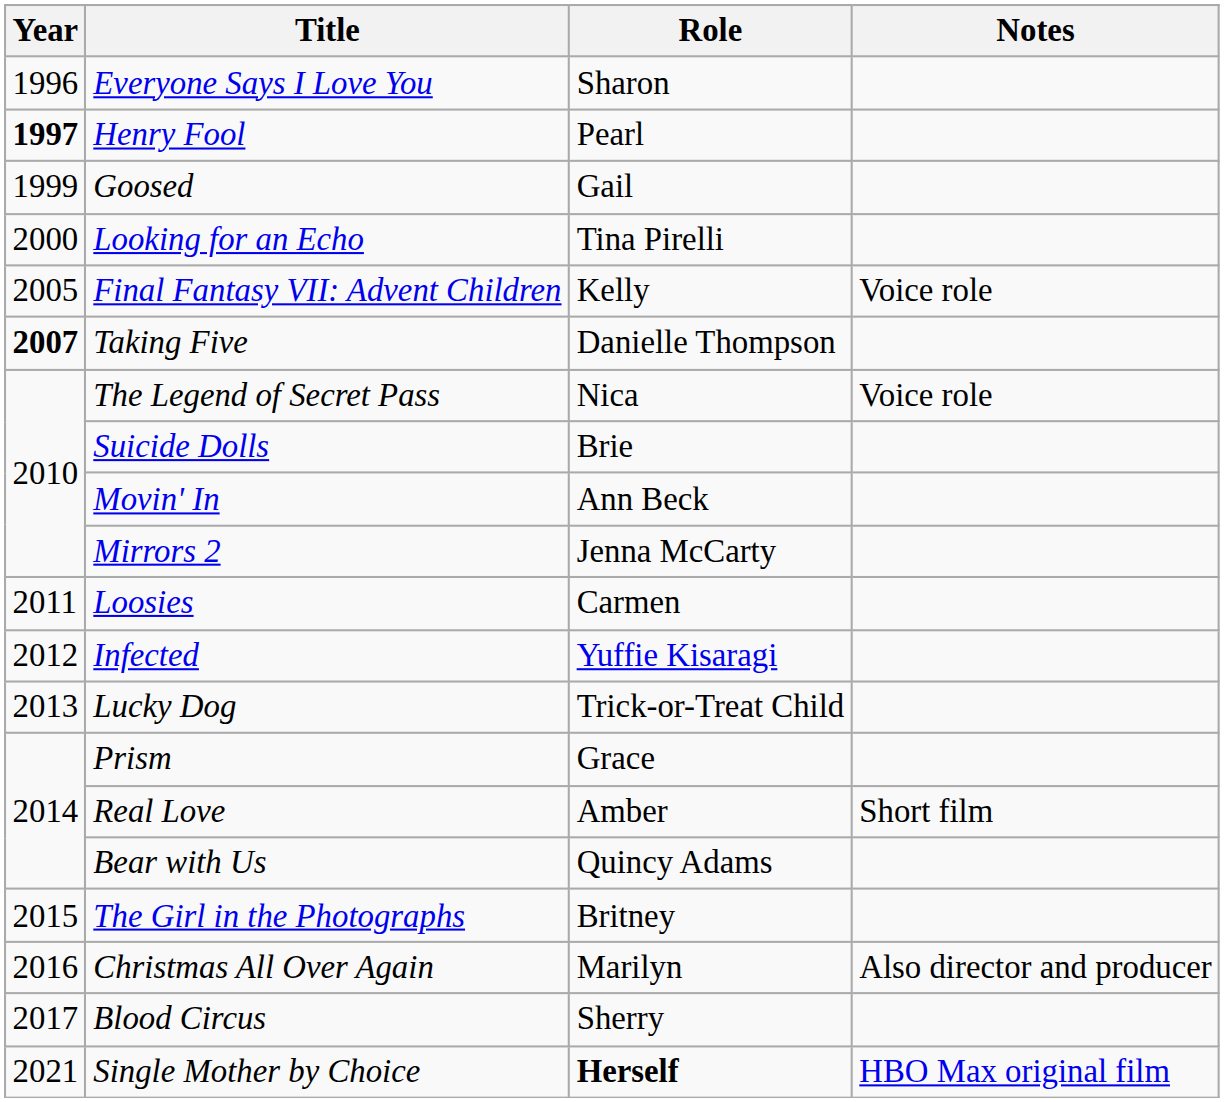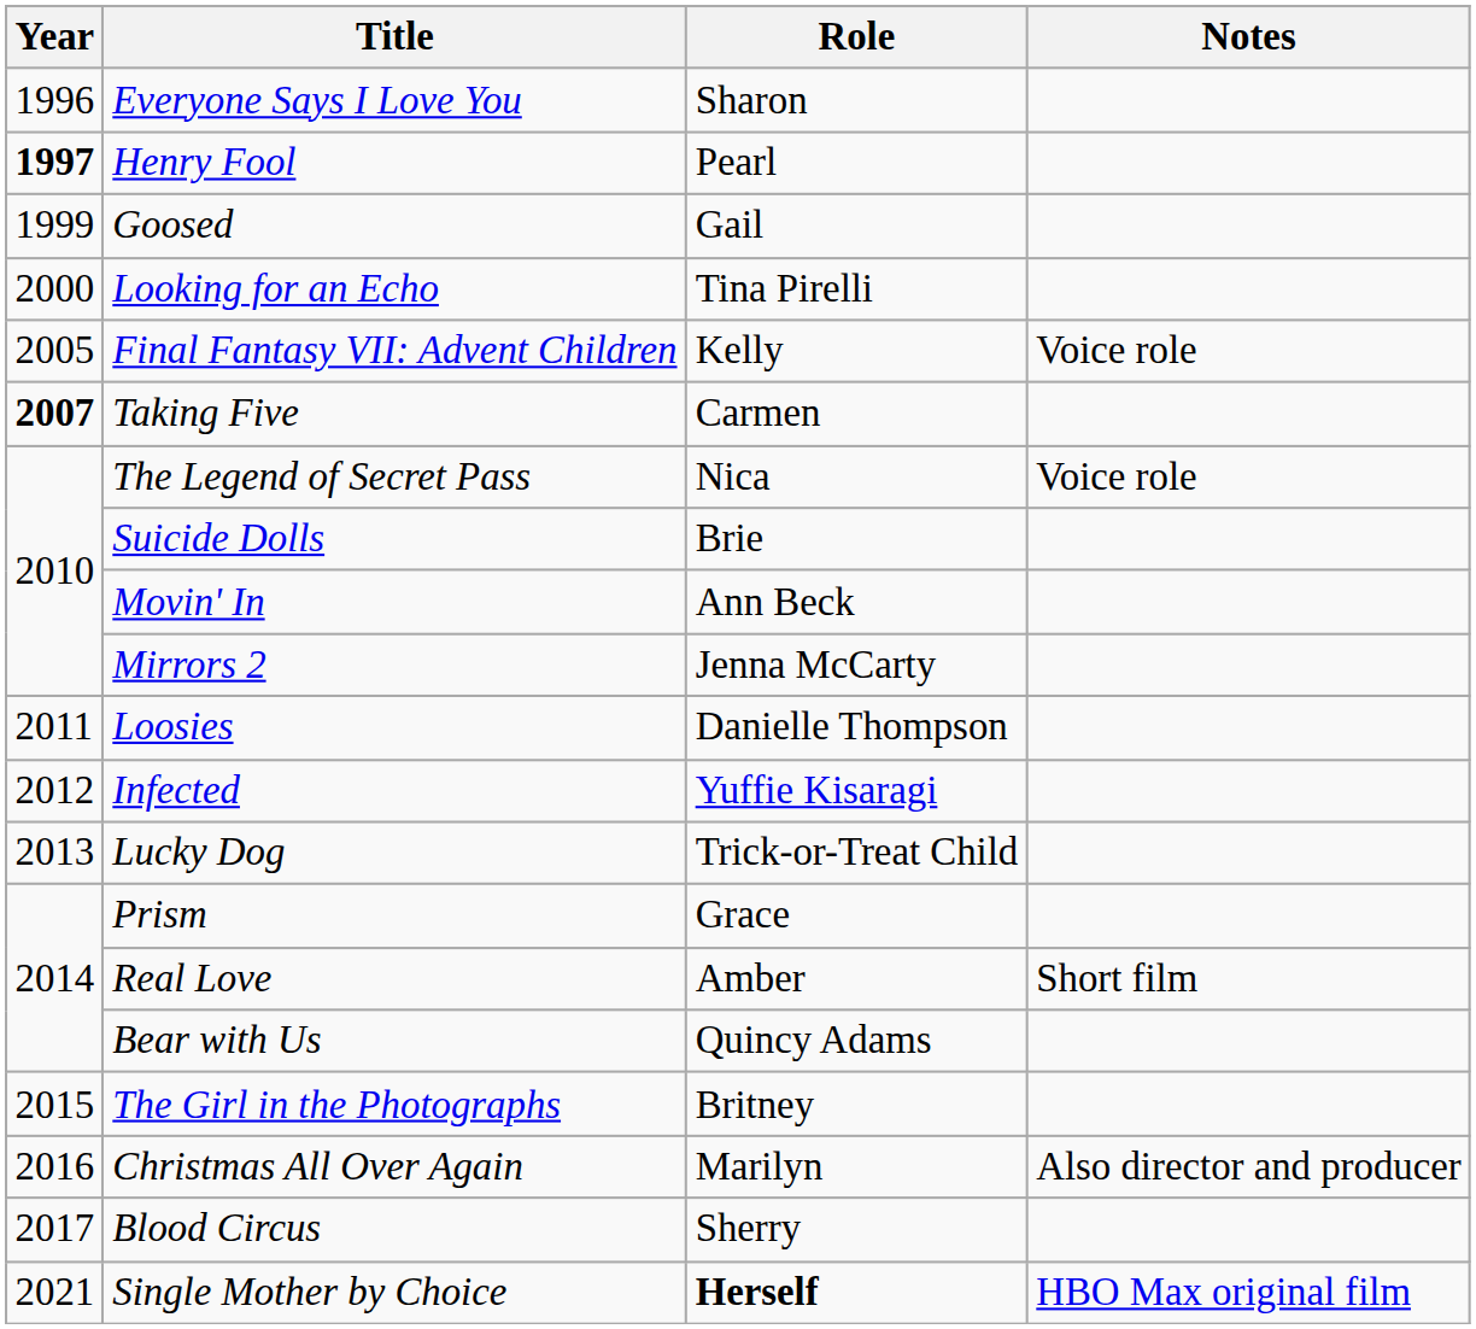 <table class="wikitable sortable" >
 <tr>
 <th>Year</th>
 <th>Title</th>
 <th>Role</th>
 <th class="unsortable">Notes</th>
 </tr>
 <tr>
 <td>1996</td>
 <td><em><a href='#'>Everyone Says I Love You</a></em></td>
 <td>Sharon</td>
 <td></td>
 </tr>
 <tr>
 <td><strong>1997</strong></td>
 <td><em><a href='#'>Henry Fool</a></em></td>
 <td>Pearl</td>
 <td></td>
 </tr>
 <tr>
 <td>1999</td>
 <td><em>Goosed</em></td>
 <td>Gail</td>
 <td></td>
 </tr>
 <tr>
 <td>2000</td>
 <td><em><a href='#'>Looking for an Echo</a></em></td>
 <td>Tina Pirelli</td>
 <td></td>
 </tr>
 <tr>
 <td>2005</td>
 <td><em><a href='#'>Final Fantasy VII: Advent Children</a></em></td>
 <td>Kelly</td>
 <td>Voice role</td>
 </tr>
 <tr>
 <td><strong>2007</strong></td>
 <td><em>Taking Five</em></td>
-<td>Danielle Thompson</td>
+<td>Carmen</td>
 <td></td>
 </tr>
 <tr>
 <td rowspan=4>2010</td>
 <td><em>The Legend of Secret Pass</em></td>
 <td>Nica</td>
 <td>Voice role</td>
 </tr>
 <tr>
 <td><em><a href='#'>Suicide Dolls</a></em></td>
 <td>Brie</td>
 <td></td>
 </tr>
 <tr>
 <td><em><a href='#'>Movin' In</a></em></td>
 <td>Ann Beck</td>
 <td></td>
 </tr>
 <tr>
 <td><em><a href='#'>Mirrors 2</a></em></td>
 <td>Jenna McCarty</td>
 <td></td>
 </tr>
 <tr>
 <td>2011</td>
 <td><em><a href='#'>Loosies</a></em></td>
-<td>Carmen</td>
+<td>Danielle Thompson</td>
 <td></td>
 </tr>
 <tr>
 <td>2012</td>
 <td><em><a href='#'>Infected</a></em></td>
 <td><a href='#'>Yuffie Kisaragi</a></td>
 <td></td>
 </tr>
 <tr>
 <td>2013</td>
 <td><em>Lucky Dog</em></td>
 <td>Trick-or-Treat Child</td>
 <td></td>
 </tr>
 <tr>
 <td rowspan=3>2014</td>
 <td><em>Prism</em></td>
 <td>Grace</td>
 <td></td>
 </tr>
 <tr>
 <td><em>Real Love</em></td>
 <td>Amber</td>
 <td>Short film</td>
 </tr>
 <tr>
 <td><em>Bear with Us</em></td>
 <td>Quincy Adams</td>
 <td></td>
 </tr>
 <tr>
 <td>2015</td>
 <td><em><a href='#'>The Girl in the Photographs</a></em></td>
 <td>Britney</td>
 <td></td>
 </tr>
 <tr>
 <td>2016</td>
 <td><em>Christmas All Over Again</em></td>
 <td>Marilyn</td>
 <td>Also director and producer</td>
 </tr>
 <tr>
 <td>2017</td>
 <td><em>Blood Circus</em></td>
 <td>Sherry</td>
 <td></td>
 </tr>
 <tr>
 <td>2021</td>
 <td><em>Single Mother by Choice</em></td>
 <td><strong>Herself</strong></td>
 <td><a href='#'>HBO Max original film</a></td>
 </tr>
 </table>
